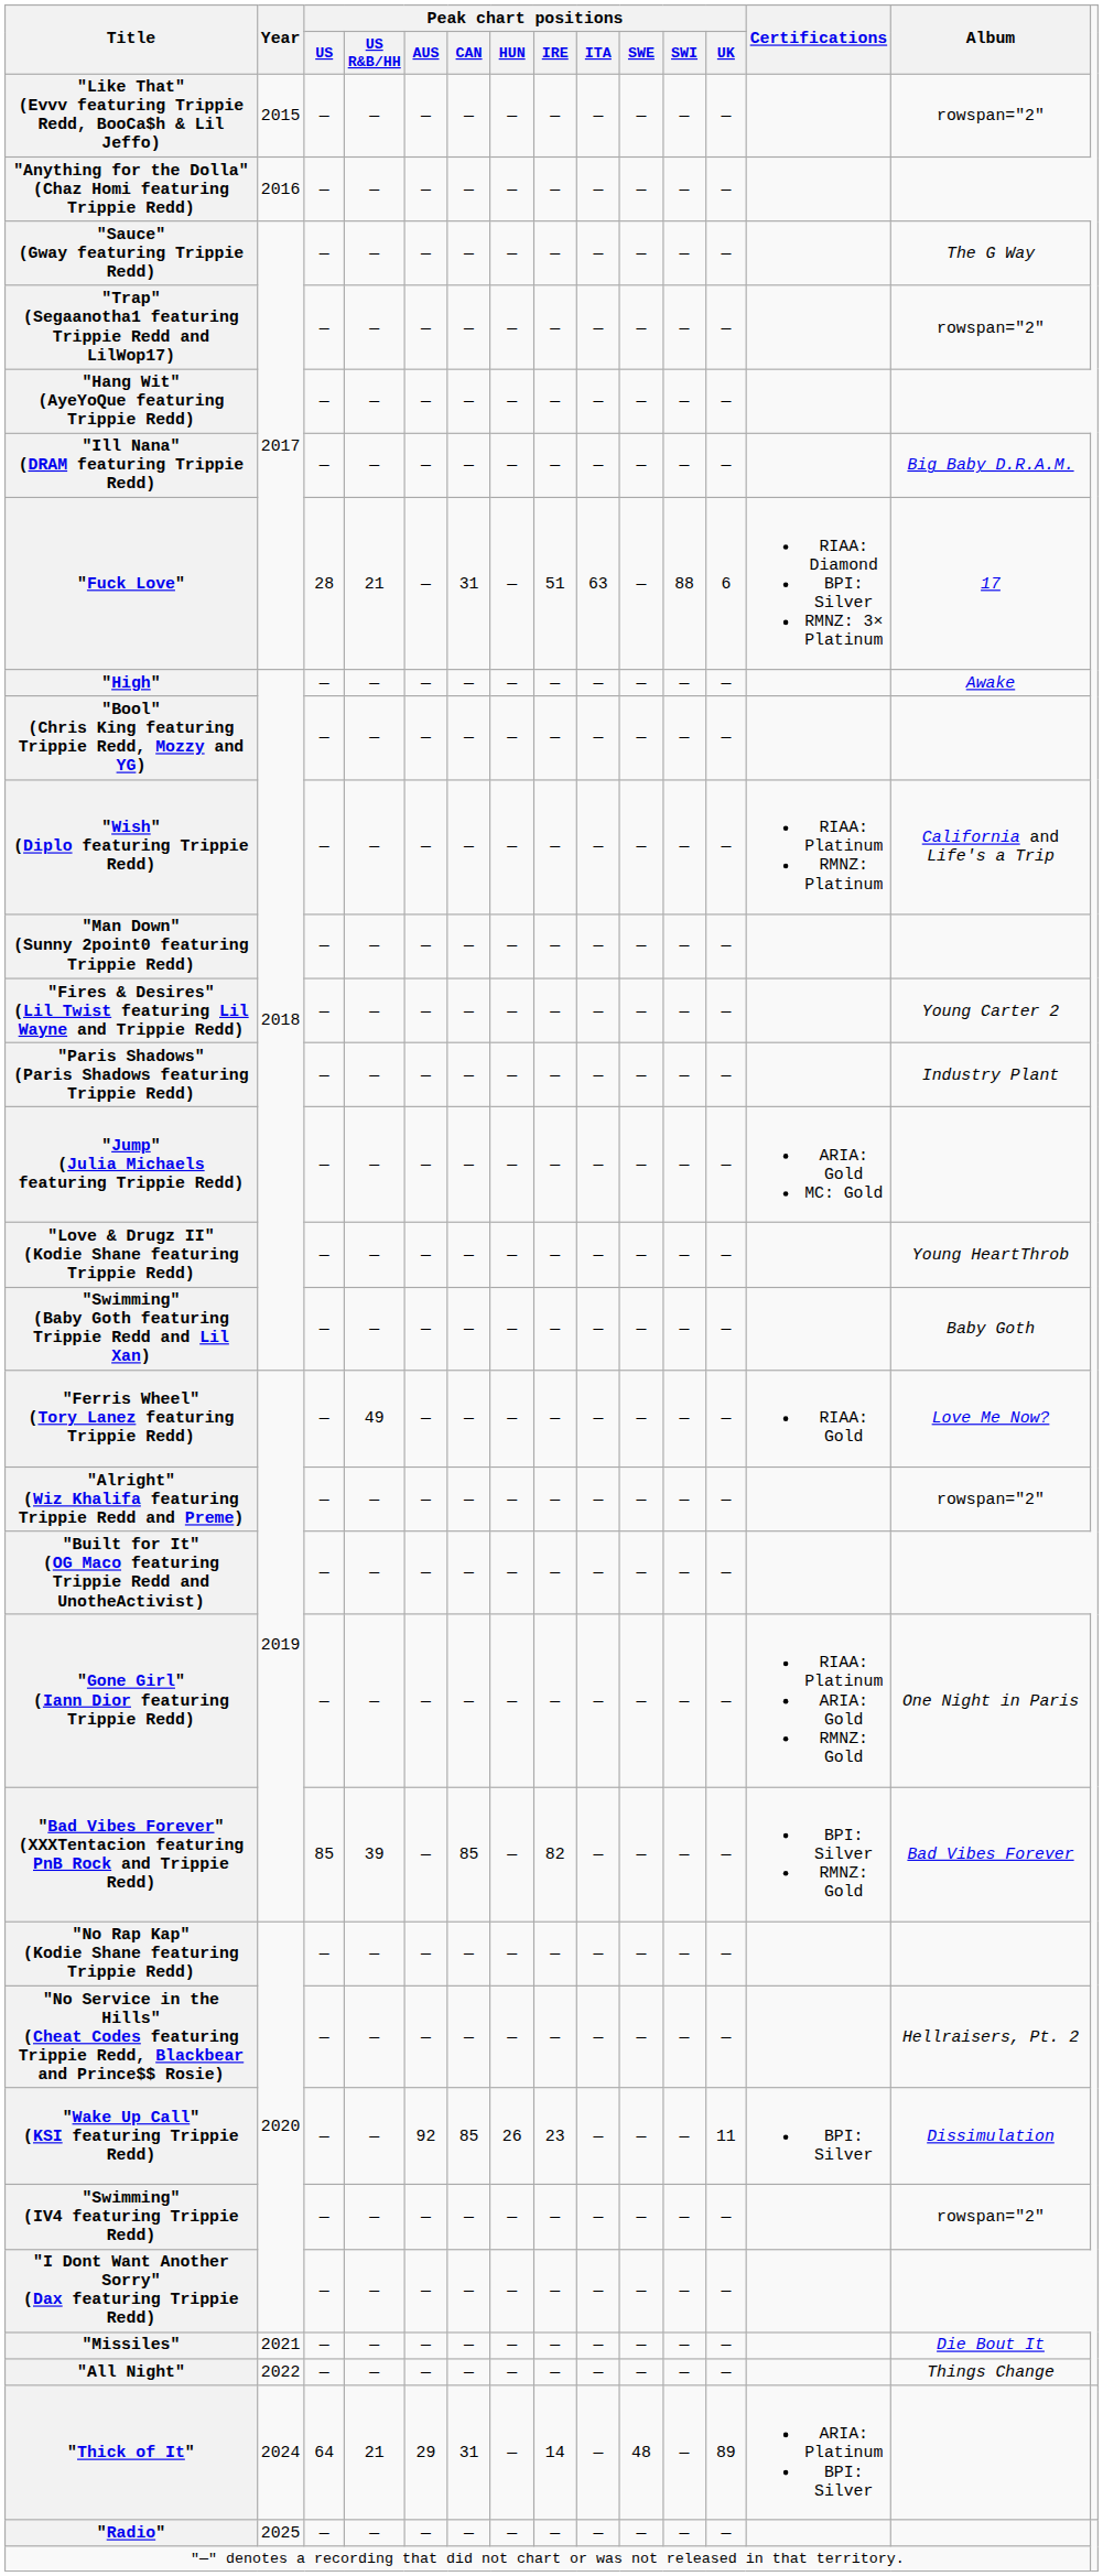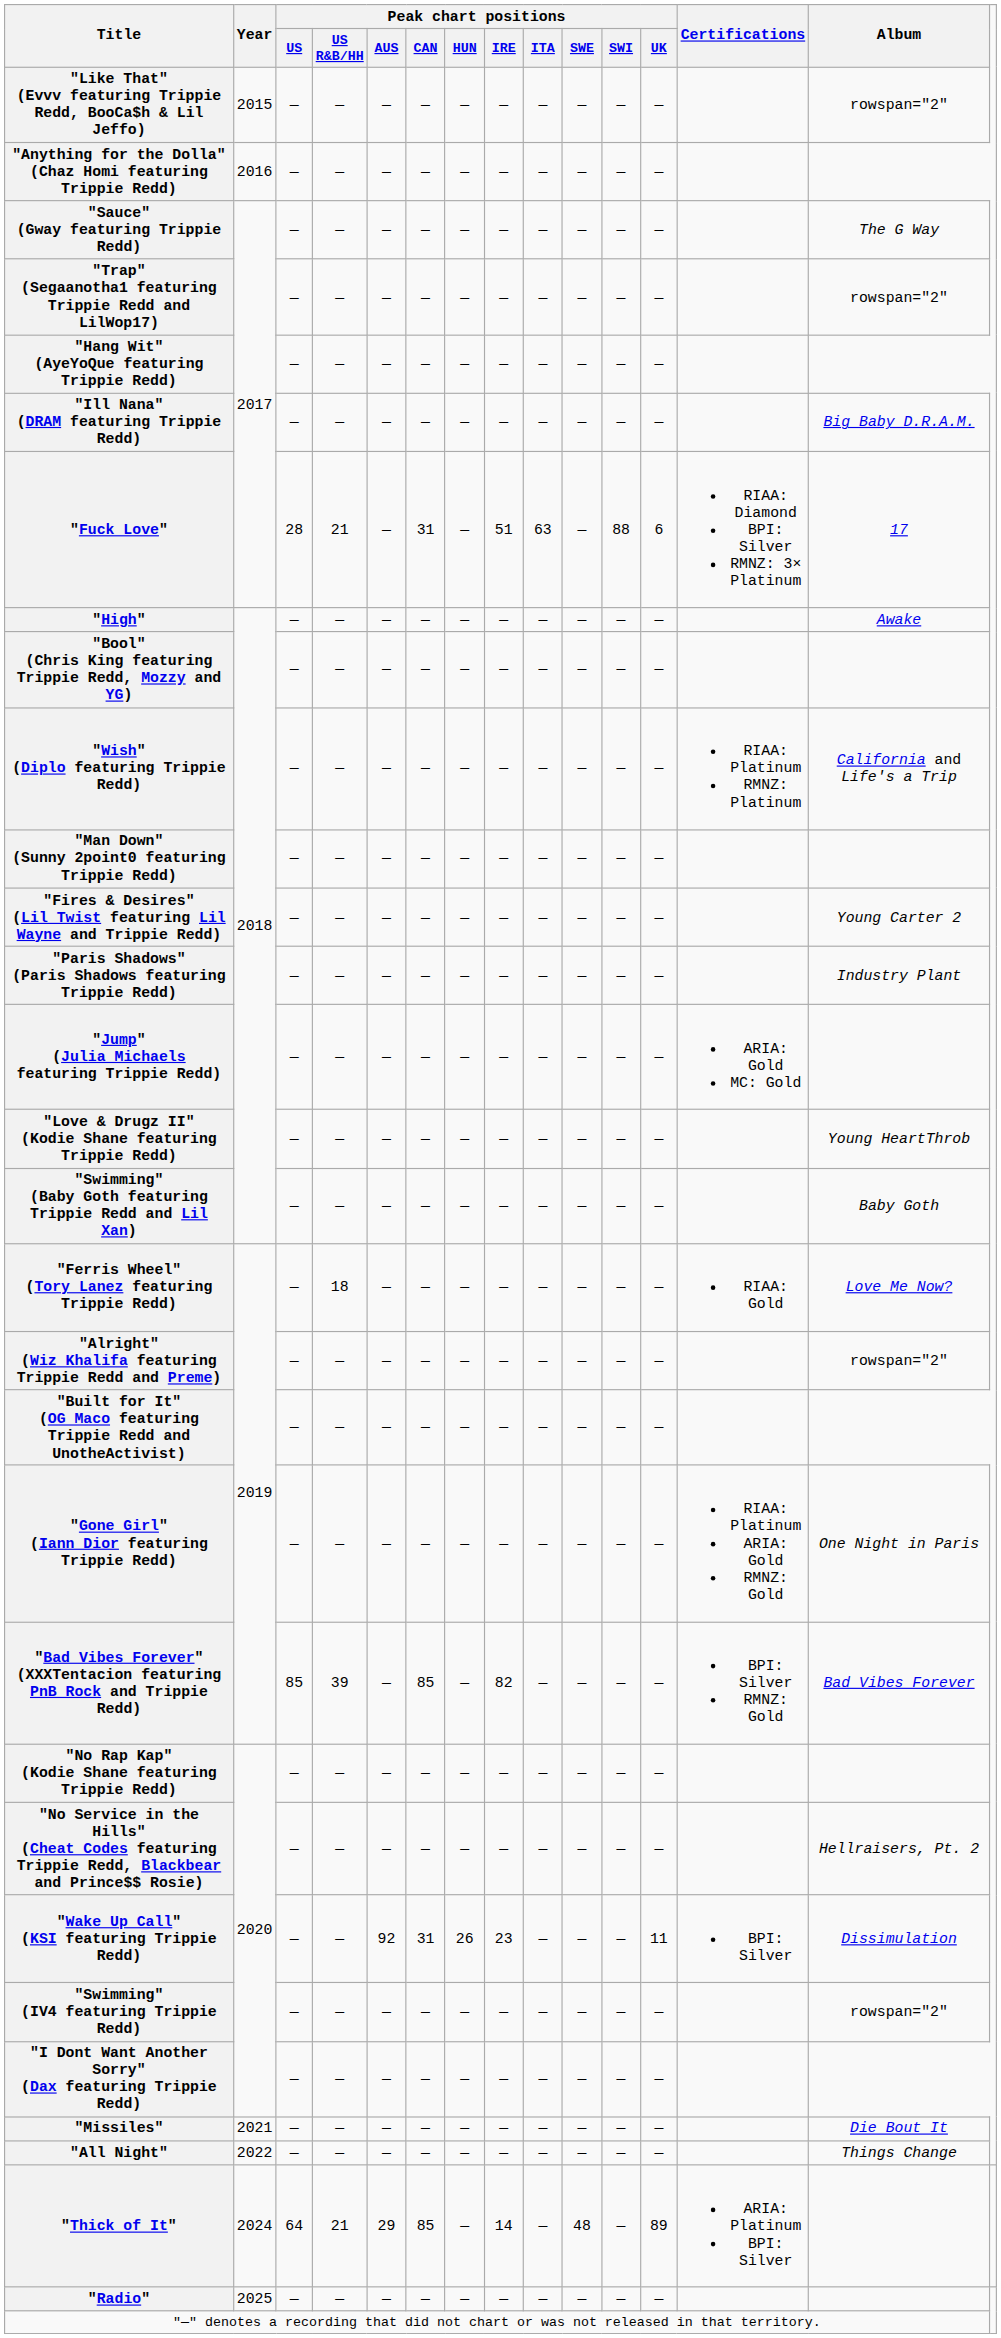 <table class="wikitable plainrowheaders" style="text-align:center;">
 <tr>
 <th scope="col" rowspan="2" style="width:20em;">Title</th>
 <th scope="col" rowspan="2" style="width:1em;">Year</th>
 <th colspan="10" scope="col">Peak chart positions</th>
 <th scope="col" rowspan="2"><a href='#'>Certifications</a></th>
 <th scope="col" rowspan="2" style="width:15em;">Album</th>
 </tr>
 <tr>
 <th scope="col" style="width:3em;font-size:90%;"><a href='#'>US</a><br></th>
 <th scope="col" style="width:3em;font-size:90%;"><a href='#'>US<br>R&B/HH</a><br></th>
 <th scope="col" style="width:3em;font-size:90%;"><a href='#'>AUS</a><br></th>
 <th scope="col" style="width:3em;font-size:90%;"><a href='#'>CAN</a><br></th>
 <th scope="col" style="width:3em;font-size:90%;"><a href='#'>HUN</a><br></th>
 <th scope="col" style="width:3em;font-size:90%;"><a href='#'>IRE</a><br></th>
 <th scope="col" style="width:3em;font-size:90%;"><a href='#'>ITA</a><br></th>
 <th scope="col" style="width:3em;font-size:90%;"><a href='#'>SWE</a><br></th>
 <th scope="col" style="width:3em;font-size:90%;"><a href='#'>SWI</a><br></th>
 <th scope="col" style="width:3em;font-size:90%;"><a href='#'>UK</a><br></th>
 </tr>
 <tr>
 <th scope="row">"Like That"<br><span>(Evvv featuring Trippie Redd, BooCa$h & Lil Jeffo)</span></th>
 <td>2015</td>
 <td>—</td>
 <td>—</td>
 <td>—</td>
 <td>—</td>
 <td>—</td>
 <td>—</td>
 <td>—</td>
 <td>—</td>
 <td>—</td>
 <td>—</td>
 <td></td>
 <td>rowspan="2" </td>
 </tr>
 <tr>
 <th scope="row">"Anything for the Dolla"<br><span>(Chaz Homi featuring Trippie Redd)</span></th>
 <td>2016</td>
 <td>—</td>
 <td>—</td>
 <td>—</td>
 <td>—</td>
 <td>—</td>
 <td>—</td>
 <td>—</td>
 <td>—</td>
 <td>—</td>
 <td>—</td>
 <td></td>
 </tr>
 <tr>
 <th scope="row">"Sauce"<br><span>(Gway featuring Trippie Redd)</span></th>
 <td rowspan="5">2017</td>
 <td>—</td>
 <td>—</td>
 <td>—</td>
 <td>—</td>
 <td>—</td>
 <td>—</td>
 <td>—</td>
 <td>—</td>
 <td>—</td>
 <td>—</td>
 <td></td>
 <td><em>The G Way</em></td>
 </tr>
 <tr>
 <th scope="row">"Trap"<br><span>(Segaanotha1 featuring Trippie Redd and LilWop17)</span></th>
 <td>—</td>
 <td>—</td>
 <td>—</td>
 <td>—</td>
 <td>—</td>
 <td>—</td>
 <td>—</td>
 <td>—</td>
 <td>—</td>
 <td>—</td>
 <td></td>
 <td>rowspan="2" </td>
 </tr>
 <tr>
 <th scope="row">"Hang Wit"<br><span>(AyeYoQue featuring Trippie Redd)</span></th>
 <td>—</td>
 <td>—</td>
 <td>—</td>
 <td>—</td>
 <td>—</td>
 <td>—</td>
 <td>—</td>
 <td>—</td>
 <td>—</td>
 <td>—</td>
 <td></td>
 </tr>
 <tr>
 <th scope="row">"Ill Nana"<br><span>(<a href='#'>DRAM</a> featuring Trippie Redd)</span></th>
 <td>—</td>
 <td>—</td>
 <td>—</td>
 <td>—</td>
 <td>—</td>
 <td>—</td>
 <td>—</td>
 <td>—</td>
 <td>—</td>
 <td>—</td>
 <td></td>
 <td><em><a href='#'>Big Baby D.R.A.M.</a></em></td>
 </tr>
 <tr>
 <th scope="row">"<a href='#'>Fuck Love</a>"<br></th>
 <td>28</td>
 <td>21</td>
 <td>—</td>
 <td>31</td>
 <td>—</td>
 <td>51</td>
 <td>63</td>
 <td>—</td>
 <td>88</td>
 <td>6</td>
 <td><br><ul><li>RIAA: Diamond</li><li>BPI: Silver</li><li>RMNZ: 3× Platinum</li></ul></td>
 <td><em><a href='#'>17</a></em></td>
 </tr>
 <tr>
 <th scope="row">"<a href='#'>High</a>" <br></th>
 <td rowspan="9">2018</td>
 <td>—</td>
 <td>—</td>
 <td>—</td>
 <td>—</td>
 <td>—</td>
 <td>—</td>
 <td>—</td>
 <td>—</td>
 <td>—</td>
 <td>—</td>
 <td></td>
 <td><em><a href='#'>Awake</a></em></td>
 </tr>
 <tr>
 <th scope="row">"Bool"<br><span>(Chris King featuring Trippie Redd, <a href='#'>Mozzy</a> and <a href='#'>YG</a>)</span></th>
 <td>—</td>
 <td>—</td>
 <td>—</td>
 <td>—</td>
 <td>—</td>
 <td>—</td>
 <td>—</td>
 <td>—</td>
 <td>—</td>
 <td>—</td>
 <td></td>
 <td></td>
 </tr>
 <tr>
 <th scope="row">"<a href='#'>Wish</a>"<br><span>(<a href='#'>Diplo</a> featuring Trippie Redd)</span></th>
 <td>—</td>
 <td>—</td>
 <td>—</td>
 <td>—</td>
 <td>—</td>
 <td>—</td>
 <td>—</td>
 <td>—</td>
 <td>—</td>
 <td>—</td>
 <td><br><ul><li>RIAA: Platinum</li><li>RMNZ: Platinum</li></ul></td>
 <td><em><a href='#'>California</a></em> and <em>Life's a Trip</em></td>
 </tr>
 <tr>
 <th scope="row">"Man Down"<br><span>(Sunny 2point0 featuring Trippie Redd)</span></th>
 <td>—</td>
 <td>—</td>
 <td>—</td>
 <td>—</td>
 <td>—</td>
 <td>—</td>
 <td>—</td>
 <td>—</td>
 <td>—</td>
 <td>—</td>
 <td></td>
 <td></td>
 </tr>
 <tr>
 <th scope="row">"Fires & Desires"<br><span>(<a href='#'>Lil Twist</a> featuring <a href='#'>Lil Wayne</a> and Trippie Redd)</span></th>
 <td>—</td>
 <td>—</td>
 <td>—</td>
 <td>—</td>
 <td>—</td>
 <td>—</td>
 <td>—</td>
 <td>—</td>
 <td>—</td>
 <td>—</td>
 <td></td>
 <td><em>Young Carter 2</em></td>
 </tr>
 <tr>
 <th scope="row">"Paris Shadows"<br><span>(Paris Shadows featuring Trippie Redd)</span></th>
 <td>—</td>
 <td>—</td>
 <td>—</td>
 <td>—</td>
 <td>—</td>
 <td>—</td>
 <td>—</td>
 <td>—</td>
 <td>—</td>
 <td>—</td>
 <td></td>
 <td><em>Industry Plant</em></td>
 </tr>
 <tr>
 <th scope="row">"<a href='#'>Jump</a>"<br><span>(<a href='#'>Julia Michaels</a> featuring Trippie Redd)</span></th>
 <td>—</td>
 <td>—</td>
 <td>—</td>
 <td>—</td>
 <td>—</td>
 <td>—</td>
 <td>—</td>
 <td>—</td>
 <td>—</td>
 <td>—</td>
 <td><br><ul><li>ARIA: Gold</li><li>MC: Gold</li></ul></td>
 <td></td>
 </tr>
 <tr>
 <th scope="row">"Love & Drugz II"<br><span>(Kodie Shane featuring Trippie Redd)</span></th>
 <td>—</td>
 <td>—</td>
 <td>—</td>
 <td>—</td>
 <td>—</td>
 <td>—</td>
 <td>—</td>
 <td>—</td>
 <td>—</td>
 <td>—</td>
 <td></td>
 <td><em>Young HeartThrob</em></td>
 </tr>
 <tr>
 <th scope="row">"Swimming"<br><span>(Baby Goth featuring Trippie Redd and <a href='#'>Lil Xan</a>)</span></th>
 <td>—</td>
 <td>—</td>
 <td>—</td>
 <td>—</td>
 <td>—</td>
 <td>—</td>
 <td>—</td>
 <td>—</td>
 <td>—</td>
 <td>—</td>
 <td></td>
 <td><em>Baby Goth</em></td>
 </tr>
 <tr>
 <th scope="row">"Ferris Wheel"<br><span>(<a href='#'>Tory Lanez</a> featuring Trippie Redd)</span></th>
 <td rowspan="5">2019</td>
 <td>—</td>
-<td>49</td>
+<td>18</td>
 <td>—</td>
 <td>—</td>
 <td>—</td>
 <td>—</td>
 <td>—</td>
 <td>—</td>
 <td>—</td>
 <td>—</td>
 <td><br><ul><li>RIAA: Gold</li></ul></td>
 <td><em><a href='#'>Love Me Now?</a></em></td>
 </tr>
 <tr>
 <th scope="row">"Alright"<br><span>(<a href='#'>Wiz Khalifa</a> featuring Trippie Redd and <a href='#'>Preme</a>)</span></th>
 <td>—</td>
 <td>—</td>
 <td>—</td>
 <td>—</td>
 <td>—</td>
 <td>—</td>
 <td>—</td>
 <td>—</td>
 <td>—</td>
 <td>—</td>
 <td></td>
 <td>rowspan="2" </td>
 </tr>
 <tr>
 <th scope="row">"Built for It"<br><span>(<a href='#'>OG Maco</a> featuring Trippie Redd and UnotheActivist)</span></th>
 <td>—</td>
 <td>—</td>
 <td>—</td>
 <td>—</td>
 <td>—</td>
 <td>—</td>
 <td>—</td>
 <td>—</td>
 <td>—</td>
 <td>—</td>
 <td></td>
 </tr>
 <tr>
 <th scope="row">"<a href='#'>Gone Girl</a>"<br><span>(<a href='#'>Iann Dior</a> featuring Trippie Redd)</span></th>
 <td>—</td>
 <td>—</td>
 <td>—</td>
 <td>—</td>
 <td>—</td>
 <td>—</td>
 <td>—</td>
 <td>—</td>
 <td>—</td>
 <td>—</td>
 <td><br><ul><li>RIAA: Platinum</li><li>ARIA: Gold</li><li>RMNZ: Gold</li></ul></td>
 <td><em>One Night in Paris</em></td>
 </tr>
 <tr>
 <th scope="row">"<a href='#'>Bad Vibes Forever</a>"<br><span>(XXXTentacion featuring <a href='#'>PnB Rock</a> and Trippie Redd)</span></th>
 <td>85</td>
 <td>39</td>
 <td>—</td>
 <td>85</td>
 <td>—</td>
 <td>82</td>
 <td>—</td>
 <td>—</td>
 <td>—</td>
 <td>—</td>
 <td><br><ul><li>BPI: Silver</li><li>RMNZ: Gold</li></ul></td>
 <td><em><a href='#'>Bad Vibes Forever</a></em></td>
 </tr>
 <tr>
 <th scope="row">"No Rap Kap"<br><span>(Kodie Shane featuring Trippie Redd)</span></th>
 <td rowspan="5">2020</td>
 <td>—</td>
 <td>—</td>
 <td>—</td>
 <td>—</td>
 <td>—</td>
 <td>—</td>
 <td>—</td>
 <td>—</td>
 <td>—</td>
 <td>—</td>
 <td></td>
 <td></td>
 </tr>
 <tr>
 <th scope="row">"No Service in the Hills" <br><span>(<a href='#'>Cheat Codes</a> featuring Trippie Redd, <a href='#'>Blackbear</a> and Prince$$ Rosie)</span></th>
 <td>—</td>
 <td>—</td>
 <td>—</td>
 <td>—</td>
 <td>—</td>
 <td>—</td>
 <td>—</td>
 <td>—</td>
 <td>—</td>
 <td>—</td>
 <td></td>
 <td><em>Hellraisers, Pt. 2</em></td>
 </tr>
 <tr>
 <th scope="row">"<a href='#'>Wake Up Call</a>"<br><span>(<a href='#'>KSI</a> featuring Trippie Redd)</span></th>
 <td>—</td>
 <td>—</td>
 <td>92</td>
-<td>85</td>
+<td>31</td>
 <td>26</td>
 <td>23</td>
 <td>—</td>
 <td>—</td>
 <td>—</td>
 <td>11</td>
 <td><br><ul><li>BPI: Silver</li></ul></td>
 <td><em><a href='#'>Dissimulation</a></em></td>
 </tr>
 <tr>
 <th scope="row">"Swimming"<br><span>(IV4 featuring Trippie Redd)</span></th>
 <td>—</td>
 <td>—</td>
 <td>—</td>
 <td>—</td>
 <td>—</td>
 <td>—</td>
 <td>—</td>
 <td>—</td>
 <td>—</td>
 <td>—</td>
 <td></td>
 <td>rowspan="2" </td>
 </tr>
 <tr>
 <th scope="row">"I Dont Want Another Sorry"<br><span>(<a href='#'>Dax</a> featuring Trippie Redd)</span></th>
 <td>—</td>
 <td>—</td>
 <td>—</td>
 <td>—</td>
 <td>—</td>
 <td>—</td>
 <td>—</td>
 <td>—</td>
 <td>—</td>
 <td>—</td>
 <td></td>
 </tr>
 <tr>
 <th scope="row">"Missiles"<br></th>
 <td>2021</td>
 <td>—</td>
 <td>—</td>
 <td>—</td>
 <td>—</td>
 <td>—</td>
 <td>—</td>
 <td>—</td>
 <td>—</td>
 <td>—</td>
 <td>—</td>
 <td></td>
 <td><em><a href='#'>Die Bout It</a></em></td>
 </tr>
 <tr>
 <th scope="row">"All Night"<br></th>
 <td>2022</td>
 <td>—</td>
 <td>—</td>
 <td>—</td>
 <td>—</td>
 <td>—</td>
 <td>—</td>
 <td>—</td>
 <td>—</td>
 <td>—</td>
 <td>—</td>
 <td></td>
 <td><em>Things Change</em></td>
 </tr>
 <tr>
 <th scope="row">"<a href='#'>Thick of It</a>"<br></th>
 <td>2024</td>
 <td>64</td>
 <td>21</td>
 <td>29<br></td>
-<td>31</td>
+<td>85</td>
 <td>—</td>
 <td>14<br></td>
 <td>—</td>
 <td>48<br></td>
 <td>—</td>
 <td>89</td>
 <td><br><ul><li>ARIA: Platinum</li><li>BPI: Silver</li></ul></td>
 <td></td>
 <td></td>
 </tr>
 <tr>
 <th scope="row">"<a href='#'>Radio</a>"<br></th>
 <td>2025</td>
 <td>—</td>
 <td>—</td>
 <td>—</td>
 <td>—</td>
 <td>—</td>
 <td>—</td>
 <td>—</td>
 <td>—</td>
 <td>—</td>
 <td>—</td>
 <td></td>
 <td></td>
 </tr>
 <tr>
 <td colspan="14" style="font-size:90%">"—" denotes a recording that did not chart or was not released in that territory.</td>
 </tr>
 </table>
